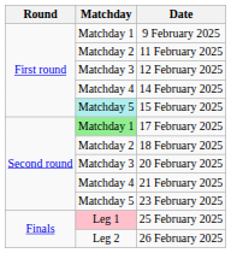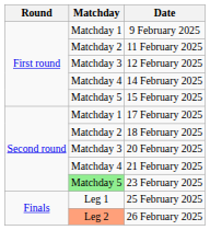 <table class="wikitable" style="text-align:center">
 <tr>
 <th>Round</th>
 <th>Matchday</th>
 <th>Date</th>
 </tr>
 <tr>
 <td rowspan="5"><a href='#'>First round</a></td>
 <td>Matchday 1</td>
 <td>9 February 2025</td>
 </tr>
 <tr>
 <td>Matchday 2</td>
 <td>11 February 2025</td>
 </tr>
 <tr>
 <td>Matchday 3</td>
 <td>12 February 2025</td>
 </tr>
 <tr>
 <td>Matchday 4</td>
 <td>14 February 2025</td>
 </tr>
 <tr>
-<td style="background: paleturquoise;">Matchday 5</td>
+<td>Matchday 5</td>
 <td>15 February 2025</td>
 </tr>
 <tr>
 <td rowspan="5"><a href='#'>Second round</a></td>
-<td style="background: lightgreen;">Matchday 1</td>
+<td>Matchday 1</td>
 <td>17 February 2025</td>
 </tr>
 <tr>
 <td>Matchday 2</td>
 <td>18 February 2025</td>
 </tr>
 <tr>
 <td>Matchday 3</td>
 <td>20 February 2025</td>
 </tr>
 <tr>
 <td>Matchday 4</td>
 <td>21 February 2025</td>
 </tr>
 <tr>
-<td>Matchday 5</td>
+<td style="background: lightgreen;">Matchday 5</td>
 <td>23 February 2025</td>
 </tr>
 <tr>
 <td rowspan="2"><a href='#'>Finals</a></td>
-<td style="background: pink;">Leg 1</td>
+<td>Leg 1</td>
 <td>25 February 2025</td>
 </tr>
 <tr>
-<td>Leg 2</td>
+<td style="background: lightsalmon;">Leg 2</td>
 <td>26 February 2025</td>
 </tr>
 </table>
